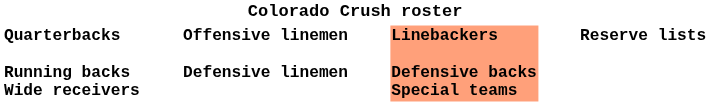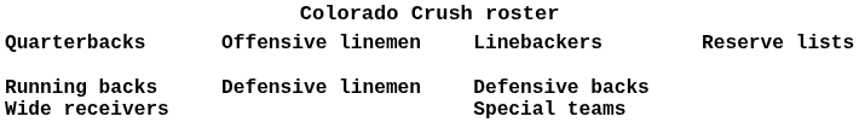 <table class="toccolours" style="text-align: left;">
 <tr>
 <th colspan="7" style="text-align:center;">Colorado Crush roster</th>
 </tr>
 <tr>
 <td style="font-size: 95%;vertical-align:top;"><strong>Quarterbacks</strong><br> <br><strong>Running backs</strong>  <br><strong>Wide receivers</strong>    </td>
 <td style="width: 25px;"></td>
 <td style="font-size: 95%;vertical-align:top;"><strong>Offensive linemen</strong><br>   <br><strong>Defensive linemen</strong>     </td>
 <td style="width: 25px;"></td>
-<td style="background: lightsalmon; font-size: 95%;vertical-align:top;"><strong>Linebackers</strong><br> <br><strong>Defensive backs</strong>     <br><strong>Special teams</strong> </td>
+<td style="font-size: 95%;vertical-align:top;"><strong>Linebackers</strong><br> <br><strong>Defensive backs</strong>     <br><strong>Special teams</strong> </td>
 <td style="width: 25px;"></td>
 <td style="font-size: 95%;vertical-align:top;"><strong>Reserve lists</strong><br>         <br></td>
 </tr>
 <tr>
 </tr>
 </table>
